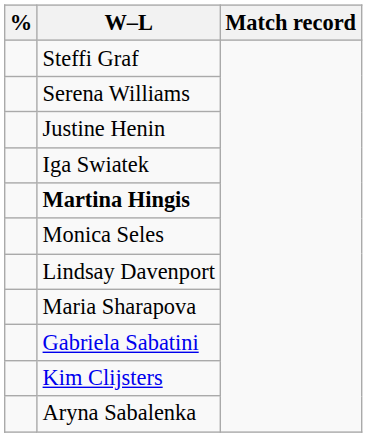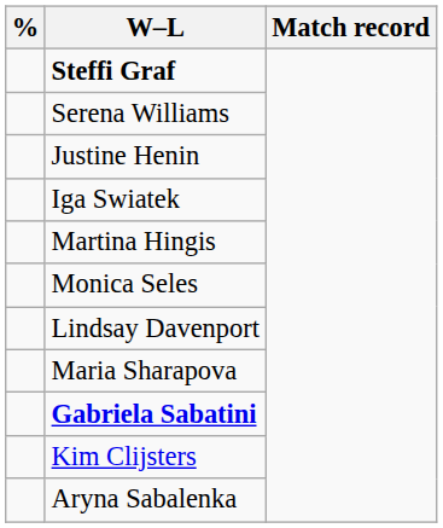 <table class="wikitable" style="text-align:center; display:inline-table">
 <tr>
 <th scope="col">%</th>
 <th scope="col">W–L</th>
 <th scope="col">Match record</th>
 </tr>
 <tr>
 <td></td>
-<td style="text-align:left"> Steffi Graf</td>
+<td style="text-align:left"><strong> Steffi Graf</strong></td>
 </tr>
 <tr>
 <td></td>
 <td style="text-align:left"> Serena Williams</td>
 </tr>
 <tr>
 <td></td>
 <td style="text-align:left"> Justine Henin</td>
 </tr>
 <tr>
 <td></td>
 <td style="text-align:left"> Iga Swiatek</td>
 </tr>
 <tr>
 <td></td>
-<td style="text-align:left"><strong> Martina Hingis</strong></td>
+<td style="text-align:left"> Martina Hingis</td>
 </tr>
 <tr>
 <td></td>
 <td style="text-align:left"> Monica Seles</td>
 </tr>
 <tr>
 <td></td>
 <td style="text-align:left"> Lindsay Davenport</td>
 </tr>
 <tr>
 <td></td>
 <td style="text-align:left"> Maria Sharapova</td>
 </tr>
 <tr>
 <td></td>
-<td style="text-align:left"> <a href='#'>Gabriela Sabatini</a></td>
+<td style="text-align:left"><strong> <a href='#'>Gabriela Sabatini</a></strong></td>
 </tr>
 <tr>
 <td></td>
 <td style="text-align:left"> <a href='#'>Kim Clijsters</a></td>
 </tr>
 <tr>
 <td></td>
 <td style="text-align:left"> Aryna Sabalenka</td>
 </tr>
 </table>
